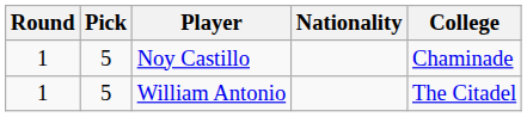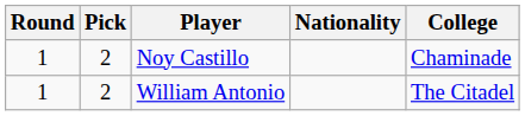 <table class="wikitable sortable sortable">
 <tr>
 <th>Round</th>
 <th>Pick</th>
 <th>Player</th>
 <th>Nationality</th>
 <th>College</th>
 </tr>
 <tr>
 <td align="center">1</td>
-<td align="center">5</td>
+<td align="center">2</td>
 <td><a href='#'>Noy Castillo</a></td>
 <td align="center"></td>
 <td><a href='#'>Chaminade</a></td>
 </tr>
 <tr>
 <td align="center">1</td>
-<td align="center">5</td>
+<td align="center">2</td>
 <td><a href='#'>William Antonio</a></td>
 <td align="center"></td>
 <td><a href='#'>The Citadel</a></td>
 </tr>
 </table>
